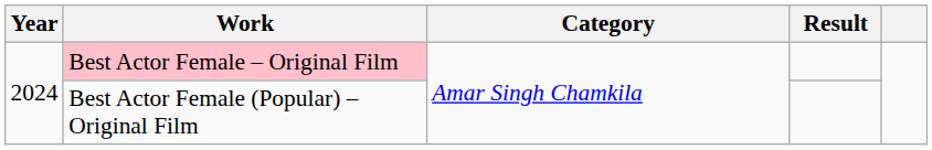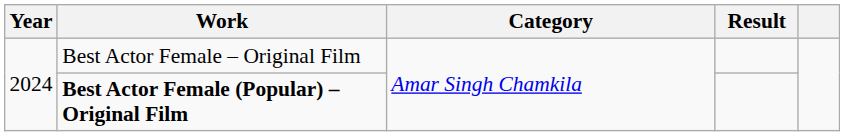 <table class="wikitable" style="width:100%;">
 <tr>
 <th width=5%>Year</th>
 <th style="width:40%;">Work</th>
 <th style="width:40%;">Category</th>
 <th style="width:10%;">Result</th>
 <th width=5%></th>
 </tr>
 <tr>
 <td rowspan="2">2024</td>
-<td style="background: pink;">Best Actor Female – Original Film</td>
+<td>Best Actor Female – Original Film</td>
 <td rowspan="2"><em><a href='#'>Amar Singh Chamkila</a></em></td>
 <td></td>
 <td rowspan="2"></td>
 </tr>
 <tr>
-<td>Best Actor Female (Popular) – Original Film</td>
+<td><strong>Best Actor Female (Popular) – Original Film</strong></td>
 <td></td>
 </tr>
 </table>
